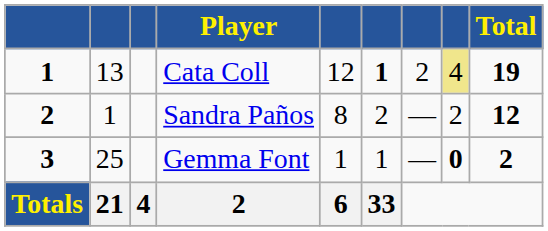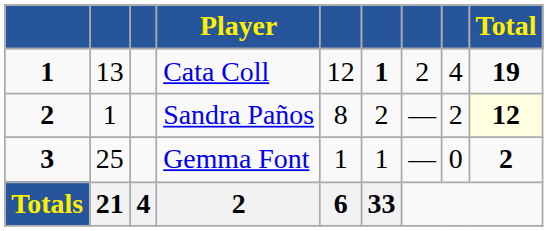 <table class="wikitable" style="text-align:center">
 <tr>
 <th style="background:#26559B; color:#FFF000; "></th>
 <th style="background:#26559B; color:#FFF000; "></th>
 <th style="background:#26559B; color:#FFF000; "></th>
 <th style="background:#26559B; color:#FFF000; ">Player</th>
 <th style="background:#26559B; color:#FFF000; "></th>
 <th style="background:#26559B; color:#FFF000; "></th>
 <th style="background:#26559B; color:#FFF000; "></th>
 <th style="background:#26559B; color:#FFF000; "></th>
 <th style="background:#26559B; color:#FFF000; ">Total</th>
 </tr>
 <tr>
 <td><strong>1</strong></td>
 <td>13</td>
 <td></td>
 <td align="left"><a href='#'>Cata Coll</a></td>
 <td>12</td>
 <td><strong>1</strong></td>
 <td>2</td>
-<td style="background: khaki;">4</td>
+<td>4</td>
 <td><strong>19</strong></td>
 </tr>
 <tr>
 <td><strong>2</strong></td>
 <td>1</td>
 <td></td>
 <td align=left><a href='#'>Sandra Paños</a></td>
 <td>8</td>
 <td>2</td>
 <td>—</td>
 <td>2</td>
-<td><strong>12</strong></td>
+<td style="background: lightyellow;"><strong>12</strong></td>
 </tr>
 <tr>
 <td><strong>3</strong></td>
 <td>25</td>
 <td></td>
 <td align="left"><a href='#'>Gemma Font</a></td>
 <td>1</td>
 <td>1</td>
 <td>—</td>
-<td><strong>0</strong></td>
+<td>0</td>
 <td><strong>2</strong></td>
 </tr>
 <tr>
 <th style="background:#26559B; color:#FFF000; "><strong>Totals</strong></th>
 <th><strong>21</strong></th>
 <th><strong>4</strong></th>
 <th><strong>2</strong></th>
 <th><strong>6</strong></th>
 <th><strong>33</strong></th>
 </tr>
 </table>
